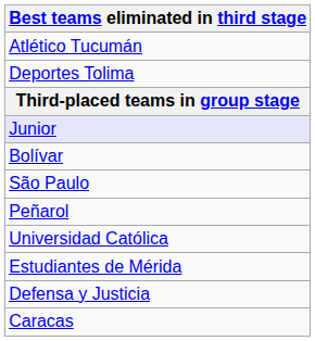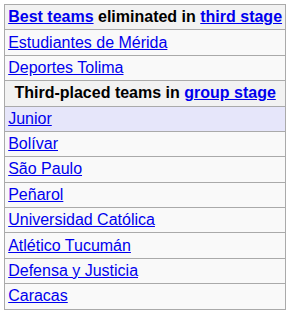 <table class="wikitable">
 <tr>
 <th><a href='#'>Best teams</a> eliminated in <a href='#'>third stage</a></th>
 </tr>
 <tr>
-<td> <a href='#'>Atlético Tucumán</a></td>
+<td> <a href='#'>Estudiantes de Mérida</a></td>
 </tr>
 <tr>
 <td> <a href='#'>Deportes Tolima</a></td>
 </tr>
 <tr>
 <th>Third-placed teams in <a href='#'>group stage</a></th>
 </tr>
 <tr>
 <td style="background: lavender;"> <a href='#'>Junior</a></td>
 </tr>
 <tr>
 <td> <a href='#'>Bolívar</a></td>
 </tr>
 <tr>
 <td> <a href='#'>São Paulo</a></td>
 </tr>
 <tr>
 <td> <a href='#'>Peñarol</a></td>
 </tr>
 <tr>
 <td> <a href='#'>Universidad Católica</a></td>
 </tr>
 <tr>
-<td> <a href='#'>Estudiantes de Mérida</a></td>
+<td> <a href='#'>Atlético Tucumán</a></td>
 </tr>
 <tr>
 <td> <a href='#'>Defensa y Justicia</a></td>
 </tr>
 <tr>
 <td> <a href='#'>Caracas</a></td>
 </tr>
 </table>
